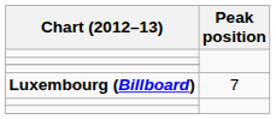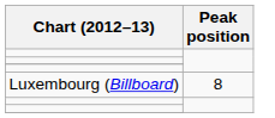 <table class="wikitable sortable">
 <tr>
 <th>Chart (2012–13)</th>
 <th>Peak<br>position</th>
 </tr>
 <tr>
 <td></td>
 </tr>
 <tr>
 <td></td>
 </tr>
 <tr>
 </tr>
 <tr>
 <td></td>
 </tr>
 <tr>
-<td><strong>Luxembourg (<em><a href='#'>Billboard</a></em>)</strong></td>
-<td style="text-align:center;">7</td>
+<td>Luxembourg (<em><a href='#'>Billboard</a></em>)</td>
+<td style="text-align:center;">8</td>
 </tr>
 <tr>
 <td></td>
 </tr>
 <tr>
 <td></td>
 </tr>
 <tr>
 </tr>
 <tr>
 </tr>
 <tr>
 </tr>
 <tr>
 </tr>
 <tr>
 </tr>
 <tr>
 </tr>
 </table>
